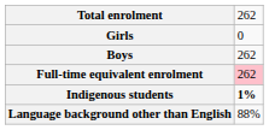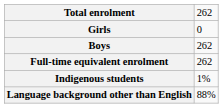 <table class="wikitable">
 <tr>
 <th>Total enrolment</th>
 <td>262</td>
 </tr>
 <tr>
 <th>Girls</th>
 <td>0</td>
 </tr>
 <tr>
 <th>Boys</th>
 <td>262</td>
 </tr>
 <tr>
 <th>Full-time equivalent enrolment</th>
-<td style="background: pink;">262</td>
+<td>262</td>
 </tr>
 <tr>
 <th>Indigenous students</th>
-<td><strong>1%</strong></td>
+<td>1%</td>
 </tr>
 <tr>
 <th>Language background other than English</th>
 <td>88%</td>
 </tr>
 </table>
